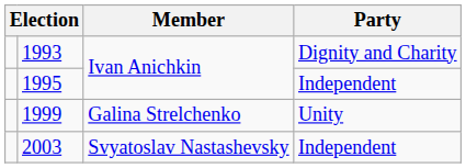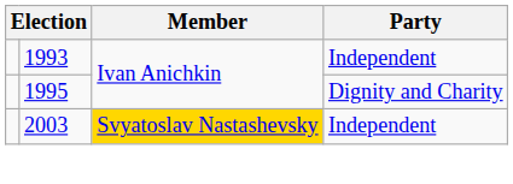 <table class="wikitable">
 <tr>
 <th colspan="2">Election</th>
 <th>Member</th>
 <th>Party</th>
 </tr>
 <tr>
 <td style="background-color:"></td>
 <td><a href='#'>1993</a></td>
 <td rowspan=2><a href='#'>Ivan Anichkin</a></td>
+<td><a href='#'>Independent</a></td>
+</tr>
+<tr>
+<td style="background-color:"></td>
+<td><a href='#'>1995</a></td>
 <td><a href='#'>Dignity and Charity</a></td>
 </tr>
 <tr>
 <td style="background-color:"></td>
-<td><a href='#'>1995</a></td>
-<td><a href='#'>Independent</a></td>
-</tr>
-<tr>
-<td style="background-color:"></td>
-<td><a href='#'>1999</a></td>
-<td><a href='#'>Galina Strelchenko</a></td>
-<td><a href='#'>Unity</a></td>
-</tr>
-<tr>
-<td style="background-color:"></td>
 <td><a href='#'>2003</a></td>
-<td><a href='#'>Svyatoslav Nastashevsky</a></td>
+<td style="background: gold;"><a href='#'>Svyatoslav Nastashevsky</a></td>
 <td><a href='#'>Independent</a></td>
 </tr>
 </table>
